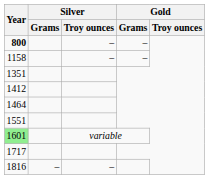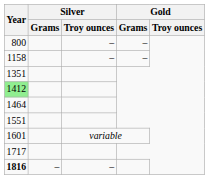 <table class="wikitable sortable" style="text-align: right;">
 <tr>
 <th rowspan="2">Year</th>
 <th colspan="2">Silver</th>
 <th colspan="2">Gold</th>
 </tr>
 <tr>
 <th>Grams</th>
 <th>Troy ounces</th>
 <th>Grams</th>
 <th>Troy ounces</th>
 </tr>
 <tr>
-<td><strong>800</strong></td>
+<td>800</td>
 <td></td>
 <td>–</td>
 <td>–</td>
 </tr>
 <tr>
 <td>1158</td>
 <td></td>
 <td>–</td>
 <td>–</td>
 </tr>
 <tr>
 <td>1351</td>
 <td></td>
 <td></td>
 </tr>
 <tr>
-<td>1412</td>
+<td style="background: lightgreen;">1412</td>
 <td></td>
 <td></td>
 </tr>
 <tr>
 <td>1464</td>
 <td></td>
 <td></td>
 </tr>
 <tr>
 <td>1551</td>
 <td></td>
 <td></td>
 </tr>
 <tr>
-<td style="background: lightgreen;">1601</td>
+<td>1601</td>
 <td></td>
 <td colspan="2" style="text-align:center;"><em>variable</em></td>
 </tr>
 <tr>
 <td>1717</td>
 <td></td>
 <td></td>
 </tr>
 <tr>
-<td>1816</td>
+<td><strong>1816</strong></td>
 <td>–</td>
 <td>–</td>
 <td></td>
 </tr>
 </table>
